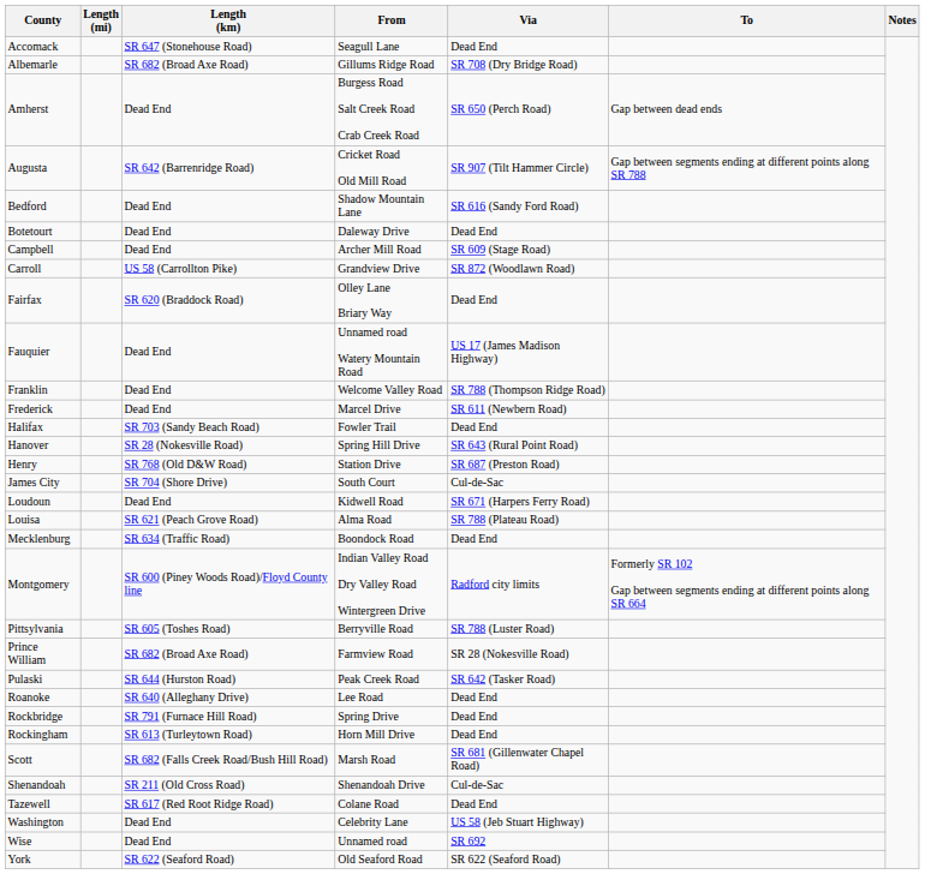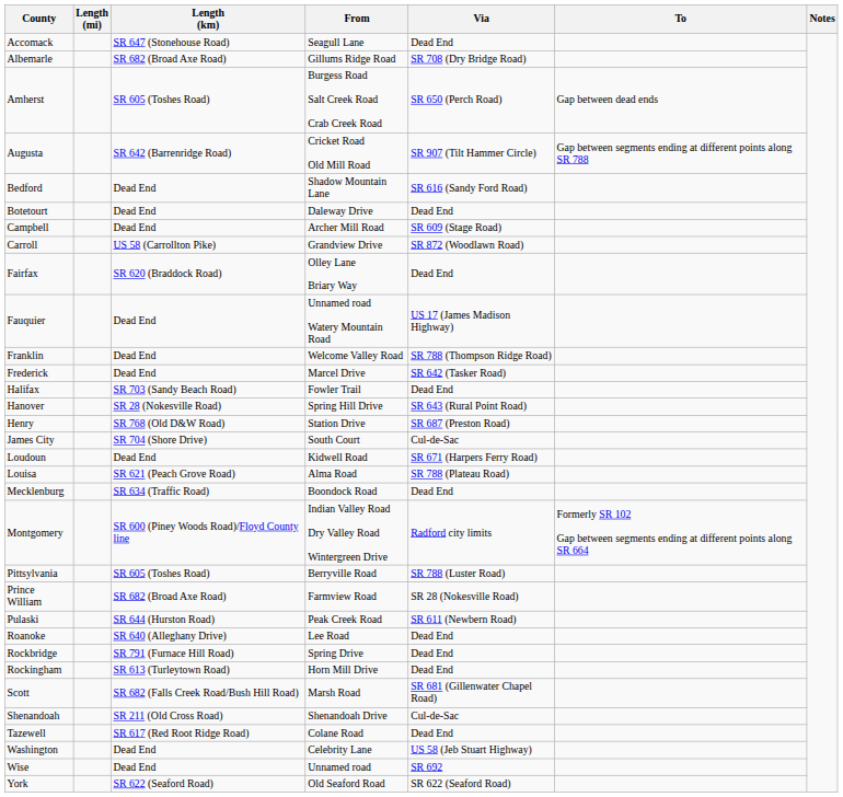 <table class="wikitable sortable">
 <tr>
 <th>County</th>
 <th>Length<br>(mi)</th>
 <th>Length<br>(km)</th>
 <th class="unsortable">From</th>
 <th class="unsortable">Via</th>
 <th class="unsortable">To</th>
 <th class="unsortable">Notes</th>
 </tr>
 <tr>
 <td id="Accomack">Accomack</td>
 <td></td>
 <td><a href='#'>SR 647</a> (Stonehouse Road)</td>
 <td>Seagull Lane</td>
 <td>Dead End</td>
 <td></td>
 </tr>
 <tr>
 <td id="Albemarle">Albemarle</td>
 <td></td>
 <td><a href='#'>SR 682</a> (Broad Axe Road)</td>
 <td>Gillums Ridge Road</td>
 <td><a href='#'>SR 708</a> (Dry Bridge Road)</td>
 <td><br> </td>
 </tr>
 <tr>
 <td id="Amherst">Amherst</td>
 <td></td>
-<td>Dead End</td>
+<td><a href='#'>SR 605</a> (Toshes Road)</td>
 <td>Burgess Road<br><br>Salt Creek Road<br><br>Crab Creek Road</td>
 <td><a href='#'>SR 650</a> (Perch Road)</td>
 <td>Gap between dead ends<br> </td>
 </tr>
 <tr>
 <td id="Augusta">Augusta</td>
 <td></td>
 <td><a href='#'>SR 642</a> (Barrenridge Road)</td>
 <td>Cricket Road<br><br>Old Mill Road</td>
 <td><a href='#'>SR 907</a> (Tilt Hammer Circle)</td>
 <td>Gap between segments ending at different points along <a href='#'>SR 788</a><br></td>
 </tr>
 <tr>
 <td id="Bedford">Bedford</td>
 <td></td>
 <td>Dead End</td>
 <td>Shadow Mountain Lane</td>
 <td><a href='#'>SR 616</a> (Sandy Ford Road)</td>
 <td><br></td>
 </tr>
 <tr>
 <td id="Botetourt">Botetourt</td>
 <td></td>
 <td>Dead End</td>
 <td>Daleway Drive</td>
 <td>Dead End</td>
 <td><br>  </td>
 </tr>
 <tr>
 <td id="Campbell">Campbell</td>
 <td></td>
 <td>Dead End</td>
 <td>Archer Mill Road</td>
 <td><a href='#'>SR 609</a> (Stage Road)</td>
 <td><br></td>
 </tr>
 <tr>
 <td id="Carroll">Carroll</td>
 <td></td>
 <td><a href='#'>US 58</a> (Carrollton Pike)</td>
 <td>Grandview Drive</td>
 <td><a href='#'>SR 872</a> (Woodlawn Road)</td>
 <td><br>         </td>
 </tr>
 <tr>
 <td id="Fairfax">Fairfax</td>
 <td></td>
 <td><a href='#'>SR 620</a> (Braddock Road)</td>
 <td>Olley Lane<br><br>Briary Way</td>
 <td>Dead End</td>
 <td></td>
 </tr>
 <tr>
 <td id="Fauquier">Fauquier</td>
 <td></td>
 <td>Dead End</td>
 <td>Unnamed road<br><br>Watery Mountain Road</td>
 <td><a href='#'>US 17</a> (James Madison Highway)</td>
 <td><br> </td>
 </tr>
 <tr>
 <td id="Franklin">Franklin</td>
 <td></td>
 <td>Dead End</td>
 <td>Welcome Valley Road</td>
 <td><a href='#'>SR 788</a> (Thompson Ridge Road)</td>
 <td></td>
 </tr>
 <tr>
 <td id="Frederick">Frederick</td>
 <td></td>
 <td>Dead End</td>
 <td>Marcel Drive</td>
-<td><a href='#'>SR 611</a> (Newbern Road)</td>
+<td><a href='#'>SR 642</a> (Tasker Road)</td>
 <td><br>     </td>
 </tr>
 <tr>
 <td id="Halifax">Halifax</td>
 <td></td>
 <td><a href='#'>SR 703</a> (Sandy Beach Road)</td>
 <td>Fowler Trail</td>
 <td>Dead End</td>
 <td></td>
 </tr>
 <tr>
 <td id="Hanover">Hanover</td>
 <td></td>
 <td><a href='#'>SR 28</a> (Nokesville Road)</td>
 <td>Spring Hill Drive</td>
 <td><a href='#'>SR 643</a> (Rural Point Road)</td>
 <td><br></td>
 </tr>
 <tr>
 <td id="Henry">Henry</td>
 <td></td>
 <td><a href='#'>SR 768</a> (Old D&W Road)</td>
 <td>Station Drive</td>
 <td><a href='#'>SR 687</a> (Preston Road)</td>
 <td><br> </td>
 </tr>
 <tr>
 <td id="James City">James City</td>
 <td></td>
 <td><a href='#'>SR 704</a> (Shore Drive)</td>
 <td>South Court</td>
 <td>Cul-de-Sac</td>
 <td><br>    </td>
 </tr>
 <tr>
 <td id="Loudoun">Loudoun</td>
 <td></td>
 <td>Dead End</td>
 <td>Kidwell Road</td>
 <td><a href='#'>SR 671</a> (Harpers Ferry Road)</td>
 <td></td>
 </tr>
 <tr>
 <td id="Louisa">Louisa</td>
 <td></td>
 <td><a href='#'>SR 621</a> (Peach Grove Road)</td>
 <td>Alma Road</td>
 <td><a href='#'>SR 788</a> (Plateau Road)</td>
 <td><br>  </td>
 </tr>
 <tr>
 <td id="Mecklenburg">Mecklenburg</td>
 <td></td>
 <td><a href='#'>SR 634</a> (Traffic Road)</td>
 <td>Boondock Road</td>
 <td>Dead End</td>
 <td><br></td>
 </tr>
 <tr>
 <td id="Montgomery">Montgomery</td>
 <td></td>
 <td><a href='#'>SR 600</a> (Piney Woods Road)/<a href='#'>Floyd County line</a></td>
 <td>Indian Valley Road<br><br>Dry Valley Road<br><br>Wintergreen Drive</td>
 <td><a href='#'>Radford</a> city limits</td>
 <td>Formerly <a href='#'>SR 102</a><br><br>Gap between segments ending at different points along <a href='#'>SR 664</a><br>       </td>
 </tr>
 <tr>
 <td id="Pittsylvania">Pittsylvania</td>
 <td></td>
 <td><a href='#'>SR 605</a> (Toshes Road)</td>
 <td>Berryville Road</td>
 <td><a href='#'>SR 788</a> (Luster Road)</td>
 <td><br>  </td>
 </tr>
 <tr>
 <td id="Prince William">Prince William</td>
 <td></td>
 <td><a href='#'>SR 682</a> (Broad Axe Road)</td>
 <td>Farmview Road</td>
 <td>SR 28 (Nokesville Road)</td>
 <td></td>
 </tr>
 <tr>
 <td id="Pulaski">Pulaski</td>
 <td></td>
 <td><a href='#'>SR 644</a> (Hurston Road)</td>
 <td>Peak Creek Road</td>
-<td><a href='#'>SR 642</a> (Tasker Road)</td>
+<td><a href='#'>SR 611</a> (Newbern Road)</td>
 <td><br> </td>
 </tr>
 <tr>
 <td id="Roanoke">Roanoke</td>
 <td></td>
 <td><a href='#'>SR 640</a> (Alleghany Drive)</td>
 <td>Lee Road</td>
 <td>Dead End</td>
 <td></td>
 </tr>
 <tr>
 <td id="Rockbridge">Rockbridge</td>
 <td></td>
 <td><a href='#'>SR 791</a> (Furnace Hill Road)</td>
 <td>Spring Drive</td>
 <td>Dead End</td>
 <td></td>
 </tr>
 <tr>
 <td id="Rockingham">Rockingham</td>
 <td></td>
 <td><a href='#'>SR 613</a> (Turleytown Road)</td>
 <td>Horn Mill Drive</td>
 <td>Dead End</td>
 <td><br></td>
 </tr>
 <tr>
 <td id="Scott">Scott</td>
 <td></td>
 <td><a href='#'>SR 682</a> (Falls Creek Road/Bush Hill Road)</td>
 <td>Marsh Road</td>
 <td><a href='#'>SR 681</a> (Gillenwater Chapel Road)</td>
 <td></td>
 </tr>
 <tr>
 <td id="Shenandoah">Shenandoah</td>
 <td></td>
 <td><a href='#'>SR 211</a> (Old Cross Road)</td>
 <td>Shenandoah Drive</td>
 <td>Cul-de-Sac</td>
 <td><br>     </td>
 </tr>
 <tr>
 <td id="Tazewell">Tazewell</td>
 <td></td>
 <td><a href='#'>SR 617</a> (Red Root Ridge Road)</td>
 <td>Colane Road</td>
 <td>Dead End</td>
 <td><br></td>
 </tr>
 <tr>
 <td id="Washington">Washington</td>
 <td></td>
 <td>Dead End</td>
 <td>Celebrity Lane</td>
 <td><a href='#'>US 58</a> (Jeb Stuart Highway)</td>
 <td><br></td>
 </tr>
 <tr>
 <td id="Wise">Wise</td>
 <td></td>
 <td>Dead End</td>
 <td>Unnamed road</td>
 <td><a href='#'>SR 692</a></td>
 <td><br></td>
 </tr>
 <tr>
 <td id="York">York</td>
 <td></td>
 <td><a href='#'>SR 622</a> (Seaford Road)</td>
 <td>Old Seaford Road</td>
 <td>SR 622 (Seaford Road)</td>
 <td></td>
 </tr>
 </table>
